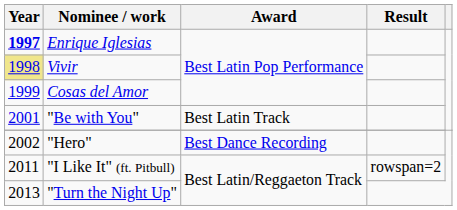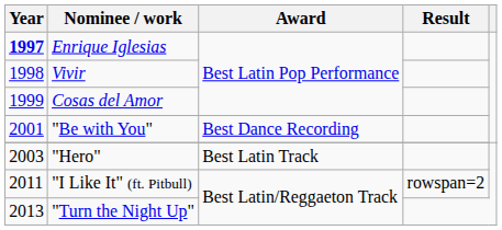 <table class="wikitable">
 <tr>
 <th>Year</th>
 <th>Nominee / work</th>
 <th>Award</th>
 <th>Result</th>
 <th></th>
 </tr>
 <tr>
 <td align="center"><strong><a href='#'>1997</a></strong></td>
 <td><em><a href='#'>Enrique Iglesias</a></em></td>
 <td rowspan="3"><a href='#'>Best Latin Pop Performance</a></td>
 <td></td>
 <td rowspan=4></td>
 </tr>
 <tr>
-<td align="center" style="background: khaki;"><a href='#'>1998</a></td>
+<td align="center"><a href='#'>1998</a></td>
 <td><em><a href='#'>Vivir</a></em></td>
 <td></td>
 </tr>
 <tr>
 <td align="center"><a href='#'>1999</a></td>
 <td><em><a href='#'>Cosas del Amor</a></em></td>
 <td></td>
 </tr>
 <tr>
 <td align="center"><a href='#'>2001</a></td>
 <td>"<a href='#'>Be with You</a>"</td>
-<td>Best Latin Track</td>
+<td><a href='#'>Best Dance Recording</a></td>
 <td></td>
 </tr>
 <tr>
 </tr>
 <tr>
-<td>2002</td>
+<td>2003</td>
 <td>"Hero"</td>
-<td><a href='#'>Best Dance Recording</a></td>
+<td>Best Latin Track</td>
 <td></td>
 </tr>
 <tr>
 <td>2011</td>
 <td>"I Like It" <small> (ft. Pitbull)</small></td>
 <td rowspan=2>Best Latin/Reggaeton Track</td>
 <td>rowspan=2 </td>
 </tr>
 <tr>
 <td>2013</td>
 <td>"<a href='#'>Turn the Night Up</a>"</td>
 </tr>
 </table>
